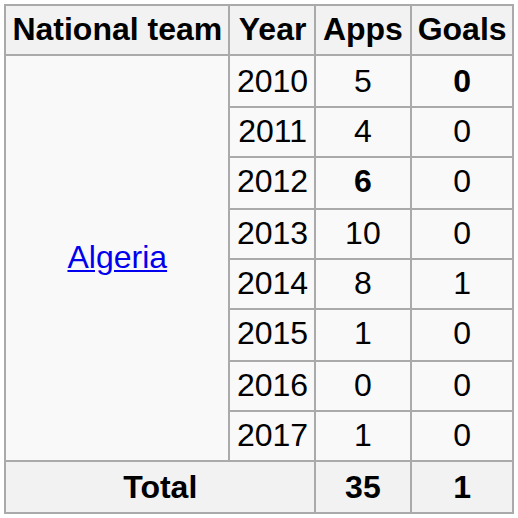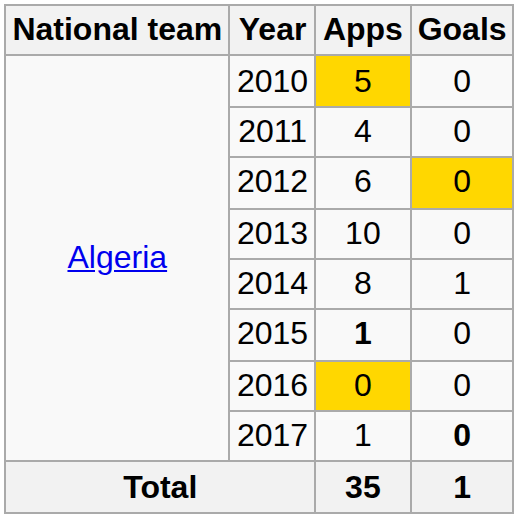 <table class="wikitable" style="text-align:center">
 <tr>
 <th>National team</th>
 <th>Year</th>
 <th>Apps</th>
 <th>Goals</th>
 </tr>
 <tr>
 <td rowspan="8"><a href='#'>Algeria</a></td>
 <td>2010</td>
-<td>5</td>
-<td><strong>0</strong></td>
+<td style="background: gold;">5</td>
+<td>0</td>
 </tr>
 <tr>
 <td>2011</td>
 <td>4</td>
 <td>0</td>
 </tr>
 <tr>
 <td>2012</td>
-<td><strong>6</strong></td>
-<td>0</td>
+<td>6</td>
+<td style="background: gold;">0</td>
 </tr>
 <tr>
 <td>2013</td>
 <td>10</td>
 <td>0</td>
 </tr>
 <tr>
 <td>2014</td>
 <td>8</td>
 <td>1</td>
 </tr>
 <tr>
 <td>2015</td>
-<td>1</td>
+<td><strong>1</strong></td>
 <td>0</td>
 </tr>
 <tr>
 <td>2016</td>
-<td>0</td>
+<td style="background: gold;">0</td>
 <td>0</td>
 </tr>
 <tr>
 <td>2017</td>
 <td>1</td>
-<td>0</td>
+<td><strong>0</strong></td>
 </tr>
 <tr>
 <th colspan="2">Total</th>
 <th>35</th>
 <th>1</th>
 </tr>
 </table>
